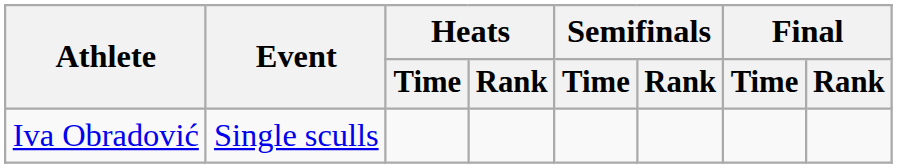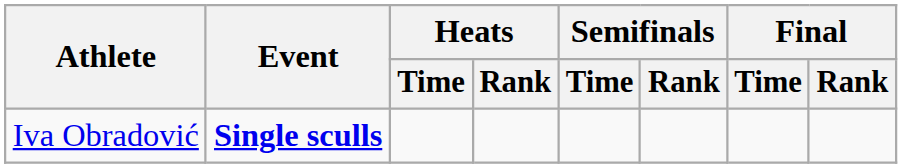 <table class=wikitable style="font-size:90%;">
 <tr>
 <th rowspan=2>Athlete</th>
 <th rowspan=2>Event</th>
 <th colspan=2>Heats</th>
 <th colspan=2>Semifinals</th>
 <th colspan=2>Final</th>
 </tr>
 <tr style="font-size:95%">
 <th>Time</th>
 <th>Rank</th>
 <th>Time</th>
 <th>Rank</th>
 <th>Time</th>
 <th>Rank</th>
 </tr>
 <tr align=center>
 <td align=left><a href='#'>Iva Obradović</a></td>
-<td align=left><a href='#'>Single sculls</a></td>
+<td align=left><strong><a href='#'>Single sculls</a></strong></td>
 <td></td>
 <td></td>
 <td></td>
 <td></td>
 <td></td>
 <td></td>
 </tr>
 </table>
